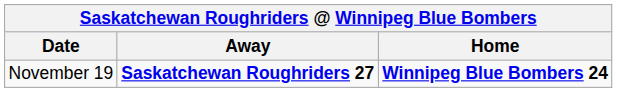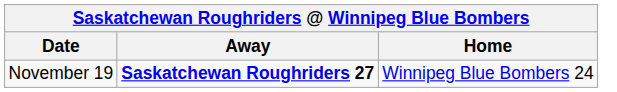 <table class="wikitable">
 <tr>
 <th colspan="3"><a href='#'>Saskatchewan Roughriders</a> @ <a href='#'>Winnipeg Blue Bombers</a></th>
 </tr>
 <tr>
 <th>Date</th>
 <th>Away</th>
 <th>Home</th>
 </tr>
 <tr>
 <td>November 19</td>
 <td><strong><a href='#'>Saskatchewan Roughriders</a> 27</strong></td>
-<td><strong><a href='#'>Winnipeg Blue Bombers</a> 24</strong></td>
+<td><a href='#'>Winnipeg Blue Bombers</a> 24</td>
 </tr>
 </table>
